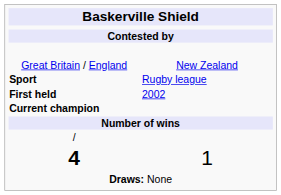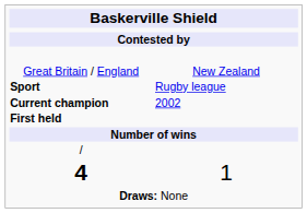 <table class="infobox" style="width: 26em; font-size: 95%;">
 <tr>
 <td colspan="2" style="text-align: center; font-size: 130%; background:lavender;"><strong>Baskerville Shield</strong><br><small></small></td>
 </tr>
 <tr>
 <td colspan="2" style="width:100%; vertical-align:middle; text-align:center;"></td>
 </tr>
 <tr>
 <td colspan="2" style="text-align: center; font-size: 100%; background:lavender;"><strong>Contested by</strong></td>
 </tr>
 <tr>
 <td style="width:50%; vertical-align:middle; text-align:center;"></td>
 <td style="width:50%; vertical-align:middle; text-align:center;"><br></td>
 </tr>
 <tr>
 <td style="text-align:center;"><a href='#'>Great Britain</a> / <a href='#'>England</a></td>
 <td style="text-align:center;"><a href='#'>New Zealand</a></td>
 </tr>
 <tr>
 <td><strong>Sport</strong></td>
 <td><a href='#'>Rugby league</a></td>
 </tr>
 <tr>
-<td><strong>First held</strong></td>
+<td><strong>Current champion</strong></td>
 <td><a href='#'>2002</a></td>
 </tr>
 <tr>
-<td><strong>Current champion</strong></td>
+<td><strong>First held</strong></td>
 <td></td>
 </tr>
 <tr>
 <td colspan="2" style="text-align: center; font-size: 100%; background:lavender;"><strong>Number of wins</strong></td>
 </tr>
 <tr>
 <td style="text-align:center;"> / </td>
 <td style="text-align:center;"></td>
 </tr>
 <tr>
 <td style="text-align:center;font-size: 200%;"><strong>4</strong></td>
 <td style="text-align:center;font-size: 200%;">1</td>
 </tr>
 <tr>
 <td colspan="2" style="text-align: center;"><strong>Draws:</strong> None</td>
 </tr>
 <tr>
 </tr>
 </table>
